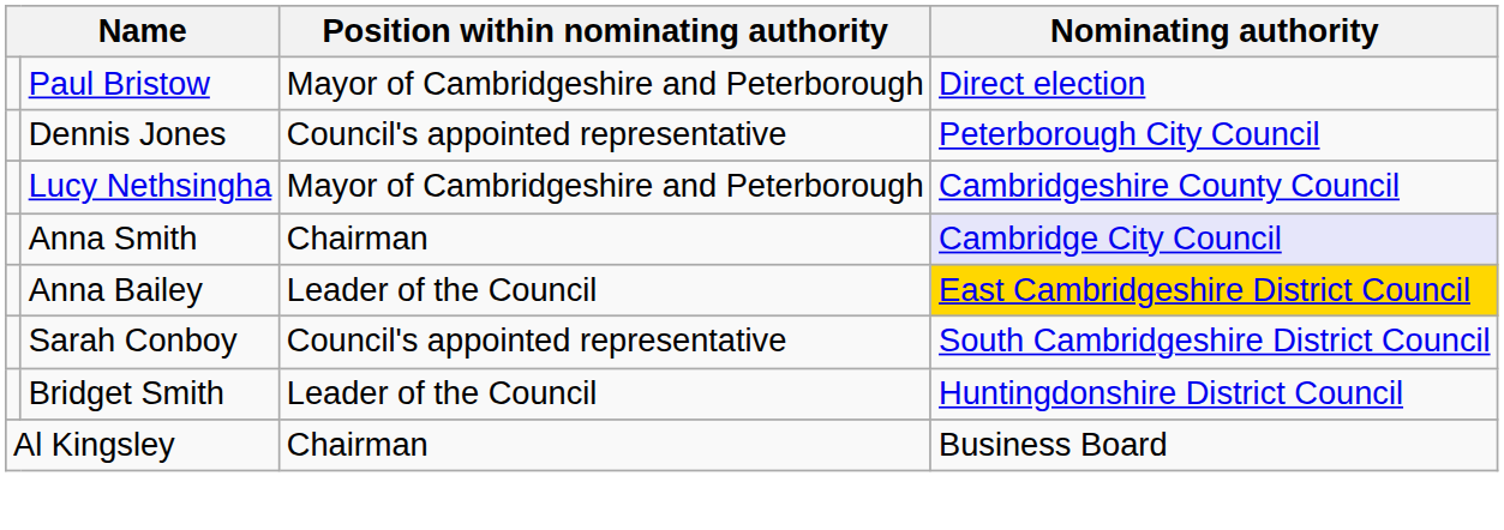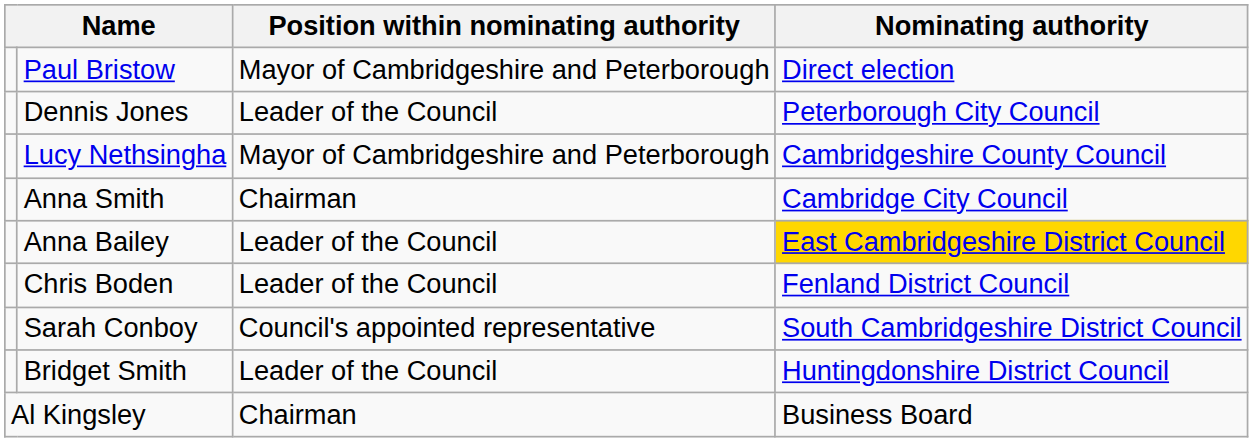 <table class="wikitable sortable">
 <tr>
 <th colspan=2>Name</th>
 <th>Position within nominating authority</th>
 <th>Nominating authority</th>
 </tr>
 <tr>
 <td style="background:"></td>
 <td><a href='#'>Paul Bristow</a></td>
 <td>Mayor of Cambridgeshire and Peterborough</td>
 <td><a href='#'>Direct election</a></td>
 </tr>
 <tr>
 <td style="background:"></td>
 <td>Dennis Jones</td>
-<td>Council's appointed representative</td>
+<td>Leader of the Council</td>
 <td><a href='#'>Peterborough City Council</a></td>
 </tr>
 <tr>
 <td style="background:"></td>
 <td><a href='#'>Lucy Nethsingha</a></td>
 <td>Mayor of Cambridgeshire and Peterborough</td>
 <td><a href='#'>Cambridgeshire County Council</a></td>
 </tr>
 <tr>
 <td style="background:"></td>
 <td>Anna Smith</td>
 <td>Chairman</td>
-<td style="background: lavender;"><a href='#'>Cambridge City Council</a></td>
+<td><a href='#'>Cambridge City Council</a></td>
 </tr>
 <tr>
 <td style="background:"></td>
 <td>Anna Bailey</td>
 <td>Leader of the Council</td>
 <td style="background: gold;"><a href='#'>East Cambridgeshire District Council</a></td>
+</tr>
+<tr>
+<td style="background:"></td>
+<td>Chris Boden</td>
+<td>Leader of the Council</td>
+<td><a href='#'>Fenland District Council</a></td>
 </tr>
 <tr>
 <td style="background:"></td>
 <td>Sarah Conboy</td>
 <td>Council's appointed representative</td>
 <td><a href='#'>South Cambridgeshire District Council</a></td>
 </tr>
 <tr>
 <td style="background:"></td>
 <td>Bridget Smith</td>
 <td>Leader of the Council</td>
 <td><a href='#'>Huntingdonshire District Council</a></td>
 </tr>
 <tr>
 <td colspan="2">Al Kingsley</td>
 <td>Chairman</td>
 <td>Business Board</td>
 </tr>
 </table>
